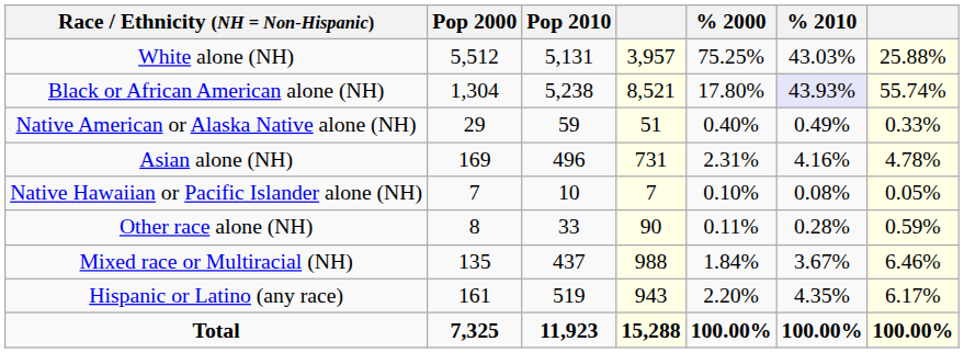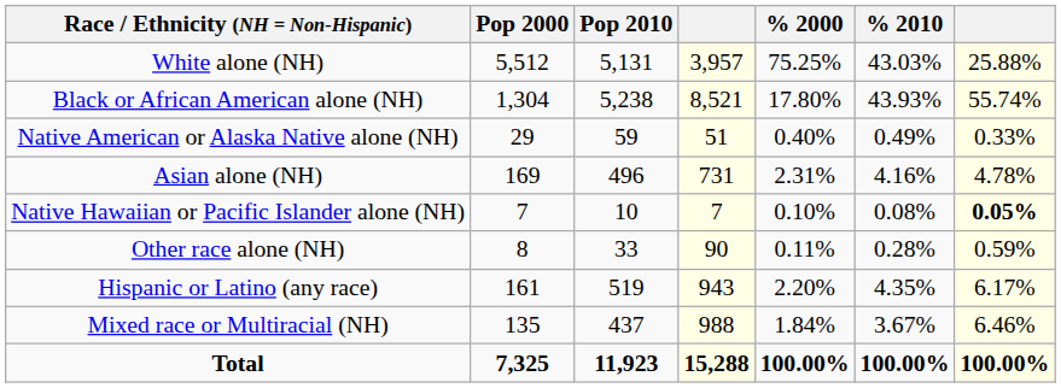 <table class="wikitable" style="text-align:center;">
 <tr>
 <th>Race / Ethnicity <small>(<em>NH = Non-Hispanic</em>)</small></th>
 <th>Pop 2000</th>
 <th>Pop 2010</th>
 <th></th>
 <th>% 2000</th>
 <th>% 2010</th>
 <th></th>
 </tr>
 <tr>
 <td><a href='#'>White</a> alone (NH)</td>
 <td>5,512</td>
 <td>5,131</td>
 <td style='background: #ffffe6;'>3,957</td>
 <td>75.25%</td>
 <td>43.03%</td>
 <td style='background: #ffffe6;'>25.88%</td>
 </tr>
 <tr>
 <td><a href='#'>Black or African American</a> alone (NH)</td>
 <td>1,304</td>
 <td>5,238</td>
 <td style='background: #ffffe6;'>8,521</td>
 <td>17.80%</td>
-<td style="background: lavender;">43.93%</td>
+<td>43.93%</td>
 <td style='background: #ffffe6;'>55.74%</td>
 </tr>
 <tr>
 <td><a href='#'>Native American</a> or <a href='#'>Alaska Native</a> alone (NH)</td>
 <td>29</td>
 <td>59</td>
 <td style='background: #ffffe6;'>51</td>
 <td>0.40%</td>
 <td>0.49%</td>
 <td style='background: #ffffe6;'>0.33%</td>
 </tr>
 <tr>
 <td><a href='#'>Asian</a> alone (NH)</td>
 <td>169</td>
 <td>496</td>
 <td style='background: #ffffe6;'>731</td>
 <td>2.31%</td>
 <td>4.16%</td>
 <td style='background: #ffffe6;'>4.78%</td>
 </tr>
 <tr>
 <td><a href='#'>Native Hawaiian</a> or <a href='#'>Pacific Islander</a> alone (NH)</td>
 <td>7</td>
 <td>10</td>
 <td style='background: #ffffe6;'>7</td>
 <td>0.10%</td>
 <td>0.08%</td>
-<td style='background: #ffffe6;'>0.05%</td>
+<td style='background: #ffffe6;'><strong>0.05%</strong></td>
 </tr>
 <tr>
 <td><a href='#'>Other race</a> alone (NH)</td>
 <td>8</td>
 <td>33</td>
 <td style='background: #ffffe6;'>90</td>
 <td>0.11%</td>
 <td>0.28%</td>
 <td style='background: #ffffe6;'>0.59%</td>
 </tr>
 <tr>
+<td><a href='#'>Hispanic or Latino</a> (any race)</td>
+<td>161</td>
+<td>519</td>
+<td style='background: #ffffe6;'>943</td>
+<td>2.20%</td>
+<td>4.35%</td>
+<td style='background: #ffffe6;'>6.17%</td>
+</tr>
+<tr>
 <td><a href='#'>Mixed race or Multiracial</a> (NH)</td>
 <td>135</td>
 <td>437</td>
 <td style='background: #ffffe6;'>988</td>
 <td>1.84%</td>
 <td>3.67%</td>
 <td style='background: #ffffe6;'>6.46%</td>
-</tr>
-<tr>
-<td><a href='#'>Hispanic or Latino</a> (any race)</td>
-<td>161</td>
-<td>519</td>
-<td style='background: #ffffe6;'>943</td>
-<td>2.20%</td>
-<td>4.35%</td>
-<td style='background: #ffffe6;'>6.17%</td>
 </tr>
 <tr>
 <td><strong>Total</strong></td>
 <td><strong>7,325</strong></td>
 <td><strong>11,923</strong></td>
 <td style='background: #ffffe6;'><strong>15,288</strong></td>
 <td><strong>100.00%</strong></td>
 <td><strong>100.00%</strong></td>
 <td style='background: #ffffe6;'><strong>100.00%</strong></td>
 </tr>
 </table>
